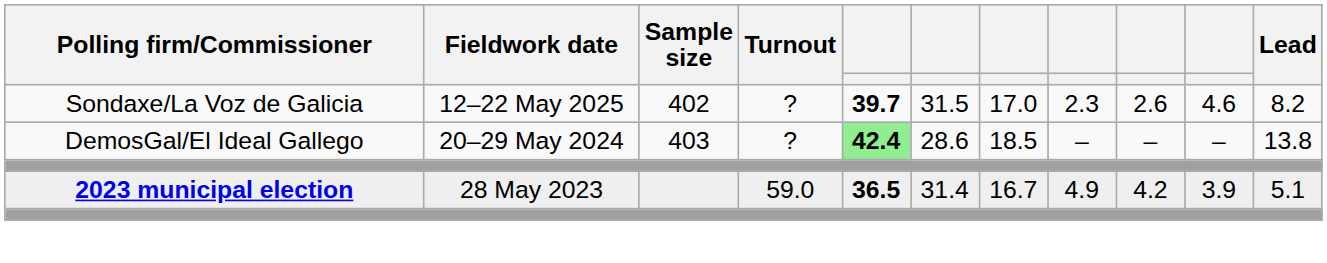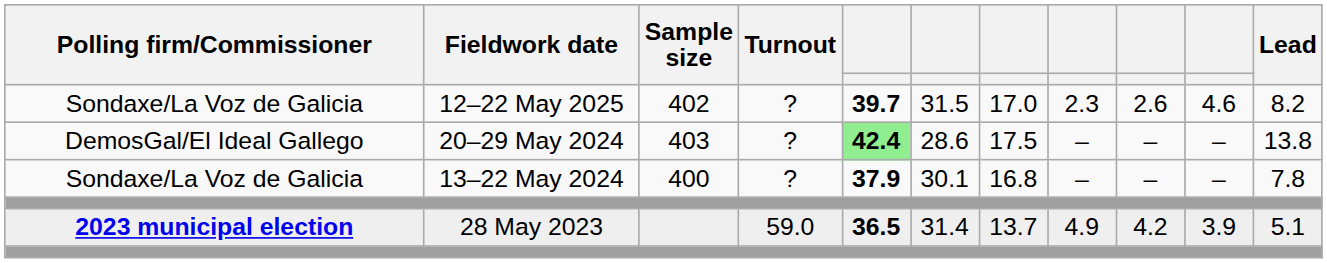 <table class="wikitable collapsible collapsed" style="text-align:center; font-size:95%; line-height:16px;">
 <tr style="height:42px;">
 <th style="width:250px;" rowspan="2">Polling firm/Commissioner</th>
 <th style="width:125px;" rowspan="2">Fieldwork date</th>
 <th style="width:50px;" rowspan="2">Sample size</th>
 <th style="width:45px;" rowspan="2">Turnout</th>
 <th style="width:35px;"></th>
 <th style="width:35px;"></th>
 <th style="width:35px;"></th>
 <th style="width:35px;"></th>
 <th style="width:35px;"></th>
 <th style="width:35px;"></th>
 <th style="width:30px;" rowspan="2">Lead</th>
 </tr>
 <tr>
 <th style="color:inherit;background:"></th>
 <th style="color:inherit;background:"></th>
 <th style="color:inherit;background:"></th>
 <th style="color:inherit;background:"></th>
 <th style="color:inherit;background:"></th>
 <th style="color:inherit;background:"></th>
 </tr>
 <tr>
 <td>Sondaxe/La Voz de Galicia</td>
 <td>12–22 May 2025</td>
 <td>402</td>
 <td>?</td>
 <td><strong>39.7</strong><br></td>
 <td>31.5<br></td>
 <td>17.0<br></td>
 <td>2.3<br></td>
 <td>2.6<br></td>
 <td>4.6<br></td>
 <td style="background:">8.2</td>
 </tr>
 <tr>
 <td>DemosGal/El Ideal Gallego</td>
 <td>20–29 May 2024</td>
 <td>403</td>
 <td>?</td>
 <td style="background: lightgreen;"><strong>42.4</strong><br></td>
 <td>28.6<br></td>
-<td>18.5<br></td>
+<td>17.5<br></td>
 <td>–</td>
 <td>–</td>
 <td>–</td>
 <td style="background:">13.8</td>
+</tr>
+<tr>
+<td>Sondaxe/La Voz de Galicia</td>
+<td>13–22 May 2024</td>
+<td>400</td>
+<td>?</td>
+<td><strong>37.9</strong><br></td>
+<td>30.1<br></td>
+<td>16.8<br></td>
+<td>–</td>
+<td>–</td>
+<td>–</td>
+<td style="background:">7.8</td>
 </tr>
 <tr>
 <td colspan="11" style="background:#A0A0A0"></td>
 </tr>
 <tr style="background:#EFEFEF;">
 <td><strong><a href='#'>2023 municipal election</a></strong></td>
 <td>28 May 2023</td>
 <td></td>
 <td>59.0</td>
 <td><strong>36.5</strong><br></td>
 <td>31.4<br></td>
-<td>16.7<br></td>
+<td>13.7<br></td>
 <td>4.9<br></td>
 <td>4.2<br></td>
 <td>3.9<br></td>
 <td style="background:">5.1</td>
 </tr>
 <tr>
 <td colspan="11" style="background:#A0A0A0"></td>
 </tr>
 </table>
